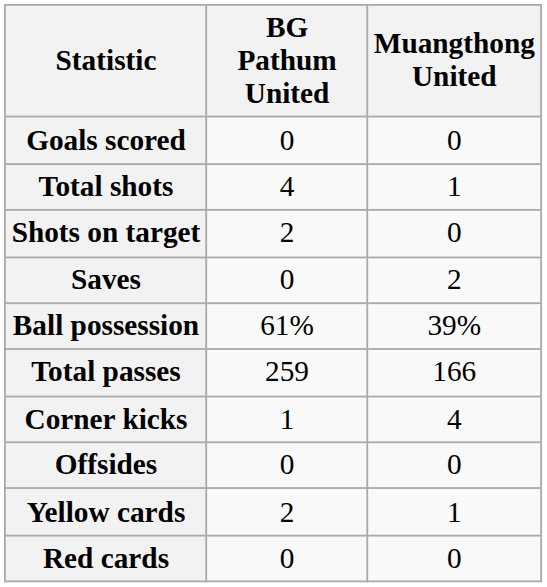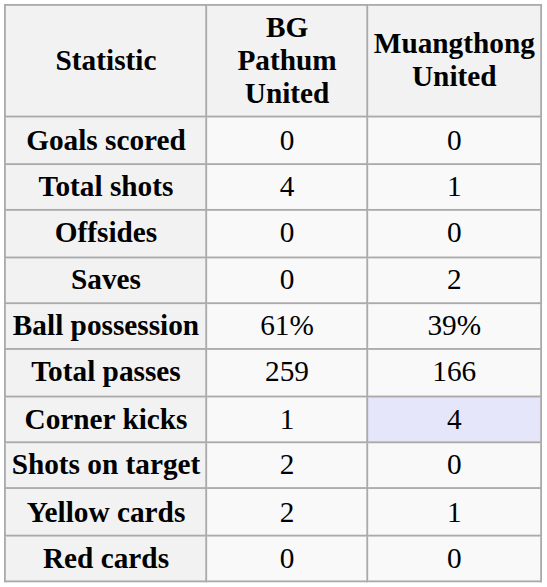 <table class="wikitable plainrowheaders" style="text-align:center">
 <tr>
 <th scope="col">Statistic</th>
 <th scope="col" style="width:80px">BG Pathum United</th>
 <th scope="col" style="width:80px">Muangthong United</th>
 </tr>
 <tr>
 <th scope=row>Goals scored</th>
 <td>0</td>
 <td>0</td>
 </tr>
 <tr>
 <th scope=row>Total shots</th>
 <td>4</td>
 <td>1</td>
 </tr>
 <tr>
-<th scope=row>Shots on target</th>
-<td>2</td>
+<th scope=row>Offsides</th>
+<td>0</td>
 <td>0</td>
 </tr>
 <tr>
 <th scope=row>Saves</th>
 <td>0</td>
 <td>2</td>
 </tr>
 <tr>
 <th scope=row>Ball possession</th>
 <td>61%</td>
 <td>39%</td>
 </tr>
 <tr>
 <th scope=row>Total passes</th>
 <td>259</td>
 <td>166</td>
 </tr>
 <tr>
 <th scope=row>Corner kicks</th>
 <td>1</td>
-<td>4</td>
+<td style="background: lavender;">4</td>
 </tr>
 <tr>
-<th scope=row>Offsides</th>
-<td>0</td>
+<th scope=row>Shots on target</th>
+<td>2</td>
 <td>0</td>
 </tr>
 <tr>
 <th scope=row>Yellow cards</th>
 <td>2</td>
 <td>1</td>
 </tr>
 <tr>
 <th scope=row>Red cards</th>
 <td>0</td>
 <td>0</td>
 </tr>
 </table>
